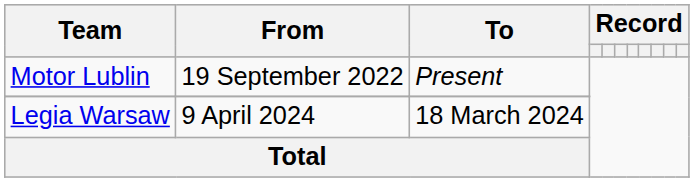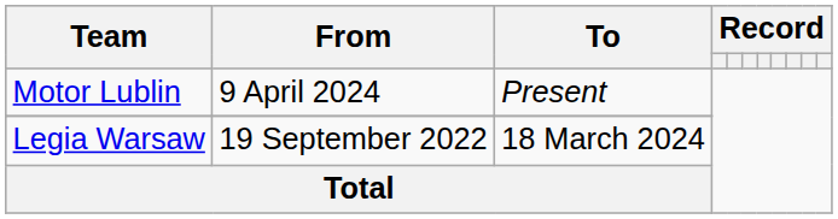 <table class="wikitable" style="text-align: center;">
 <tr>
 <th rowspan="2">Team</th>
 <th rowspan="2">From</th>
 <th rowspan="2">To</th>
 <th colspan="8">Record</th>
 </tr>
 <tr>
 <th></th>
 <th></th>
 <th></th>
 <th></th>
 <th></th>
 <th></th>
 <th></th>
 <th></th>
 </tr>
 <tr>
 <td align=left><a href='#'>Motor Lublin</a></td>
-<td align=left>19 September 2022</td>
+<td align=left>9 April 2024</td>
 <td align=left><em>Present</em><br></td>
 </tr>
 <tr>
 </tr>
 <tr>
 <td align=left><a href='#'>Legia Warsaw</a></td>
-<td align=left>9 April 2024</td>
+<td align=left>19 September 2022</td>
 <td align=left>18 March 2024<br></td>
 </tr>
 <tr>
 <th colspan="3">Total<br></th>
 </tr>
 </table>
